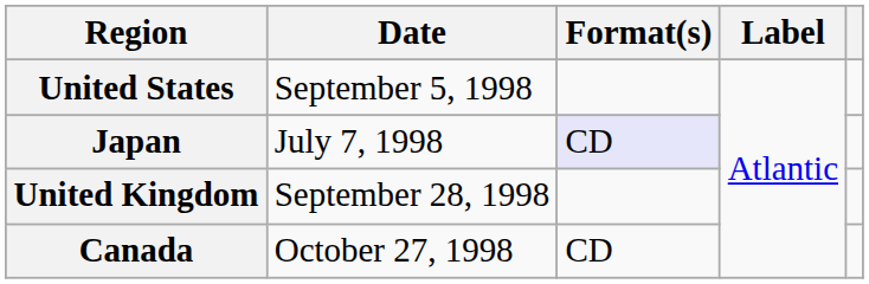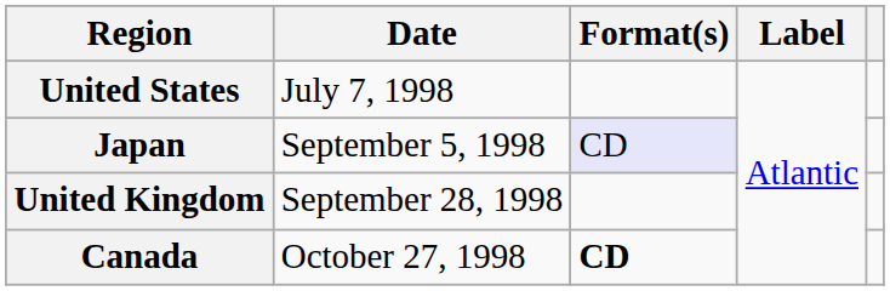 <table class="wikitable plainrowheaders">
 <tr>
 <th scope="col">Region</th>
 <th scope="col">Date</th>
 <th scope="col">Format(s)</th>
 <th scope="col">Label</th>
 <th scope="col"></th>
 </tr>
 <tr>
 <th scope="row">United States</th>
-<td>September 5, 1998</td>
+<td>July 7, 1998</td>
 <td></td>
 <td rowspan="4"><a href='#'>Atlantic</a></td>
 <td></td>
 </tr>
 <tr>
 <th scope="row">Japan</th>
-<td>July 7, 1998</td>
+<td>September 5, 1998</td>
 <td style="background: lavender;">CD</td>
 <td></td>
 </tr>
 <tr>
 <th scope="row">United Kingdom</th>
 <td>September 28, 1998</td>
 <td></td>
 <td></td>
 </tr>
 <tr>
 <th scope="row">Canada</th>
 <td>October 27, 1998</td>
-<td>CD</td>
+<td><strong>CD</strong></td>
 <td></td>
 </tr>
 </table>
